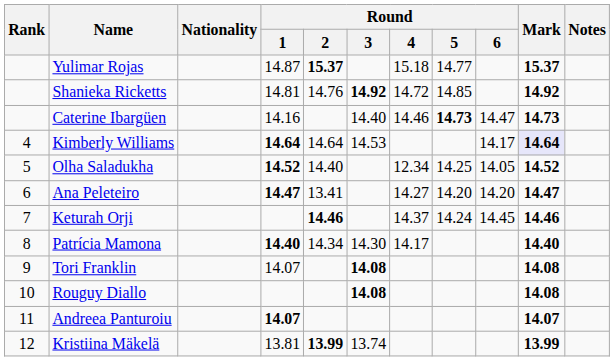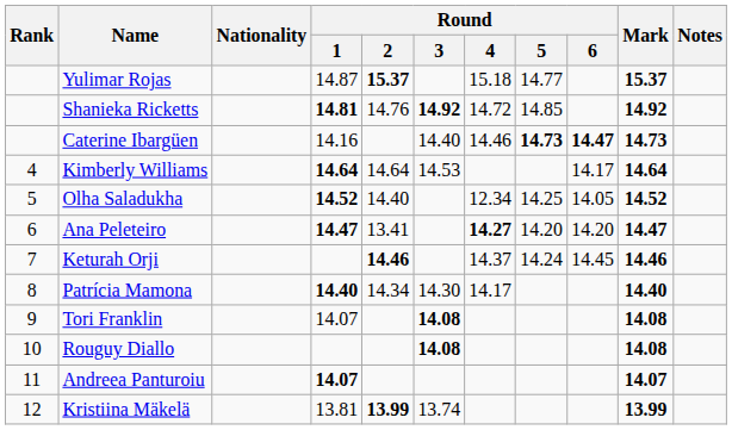 <table class="wikitable sortable" style="text-align:center">
 <tr>
 <th rowspan=2>Rank</th>
 <th rowspan=2>Name</th>
 <th rowspan=2>Nationality</th>
 <th colspan=6>Round</th>
 <th rowspan=2>Mark</th>
 <th rowspan=2>Notes</th>
 </tr>
 <tr>
 <th>1</th>
 <th>2</th>
 <th>3</th>
 <th>4</th>
 <th>5</th>
 <th>6</th>
 </tr>
 <tr>
 <td></td>
 <td align=left><a href='#'>Yulimar Rojas</a></td>
 <td align=left></td>
 <td>14.87</td>
 <td><strong>15.37</strong></td>
 <td></td>
 <td>15.18</td>
 <td>14.77</td>
 <td></td>
 <td><strong>15.37</strong></td>
 <td></td>
 </tr>
 <tr>
 <td></td>
 <td align=left><a href='#'>Shanieka Ricketts</a></td>
 <td align=left></td>
-<td>14.81</td>
+<td><strong>14.81</strong></td>
 <td>14.76</td>
 <td><strong>14.92</strong></td>
 <td>14.72</td>
 <td>14.85</td>
 <td></td>
 <td><strong>14.92</strong></td>
 <td></td>
 </tr>
 <tr>
 <td></td>
 <td align=left><a href='#'>Caterine Ibargüen</a></td>
 <td align=left></td>
 <td>14.16</td>
 <td></td>
 <td>14.40</td>
 <td>14.46</td>
 <td><strong>14.73</strong></td>
-<td>14.47</td>
+<td><strong>14.47</strong></td>
 <td><strong>14.73</strong></td>
 <td></td>
 </tr>
 <tr>
 <td>4</td>
 <td align=left><a href='#'>Kimberly Williams</a></td>
 <td align=left></td>
 <td><strong>14.64</strong></td>
 <td>14.64</td>
 <td>14.53</td>
 <td></td>
 <td></td>
 <td>14.17</td>
-<td style="background: lavender;"><strong>14.64</strong></td>
+<td><strong>14.64</strong></td>
 <td></td>
 </tr>
 <tr>
 <td>5</td>
 <td align=left><a href='#'>Olha Saladukha</a></td>
 <td align=left></td>
 <td><strong>14.52</strong></td>
 <td>14.40</td>
 <td></td>
 <td>12.34</td>
 <td>14.25</td>
 <td>14.05</td>
 <td><strong>14.52</strong></td>
 <td></td>
 </tr>
 <tr>
 <td>6</td>
 <td align=left><a href='#'>Ana Peleteiro</a></td>
 <td align=left></td>
 <td><strong>14.47</strong></td>
 <td>13.41</td>
 <td></td>
-<td>14.27</td>
+<td><strong>14.27</strong></td>
 <td>14.20</td>
 <td>14.20</td>
 <td><strong>14.47</strong></td>
 <td></td>
 </tr>
 <tr>
 <td>7</td>
 <td align=left><a href='#'>Keturah Orji</a></td>
 <td align=left></td>
 <td></td>
 <td><strong>14.46</strong></td>
 <td></td>
 <td>14.37</td>
 <td>14.24</td>
 <td>14.45</td>
 <td><strong>14.46</strong></td>
 <td></td>
 </tr>
 <tr>
 <td>8</td>
 <td align=left><a href='#'>Patrícia Mamona</a></td>
 <td align=left></td>
 <td><strong>14.40</strong></td>
 <td>14.34</td>
 <td>14.30</td>
 <td>14.17</td>
 <td></td>
 <td></td>
 <td><strong>14.40</strong></td>
 <td></td>
 </tr>
 <tr>
 <td>9</td>
 <td align=left><a href='#'>Tori Franklin</a></td>
 <td align=left></td>
 <td>14.07</td>
 <td></td>
 <td><strong>14.08</strong></td>
 <td></td>
 <td></td>
 <td></td>
 <td><strong>14.08</strong></td>
 <td></td>
 </tr>
 <tr>
 <td>10</td>
 <td align=left><a href='#'>Rouguy Diallo</a></td>
 <td align=left></td>
 <td></td>
 <td></td>
 <td><strong>14.08</strong></td>
 <td></td>
 <td></td>
 <td></td>
 <td><strong>14.08</strong></td>
 <td></td>
 </tr>
 <tr>
 <td>11</td>
 <td align=left><a href='#'>Andreea Panturoiu</a></td>
 <td align=left></td>
 <td><strong>14.07</strong></td>
 <td></td>
 <td></td>
 <td></td>
 <td></td>
 <td></td>
 <td><strong>14.07</strong></td>
 <td></td>
 </tr>
 <tr>
 <td>12</td>
 <td align=left><a href='#'>Kristiina Mäkelä</a></td>
 <td align=left></td>
 <td>13.81</td>
 <td><strong>13.99</strong></td>
 <td>13.74</td>
 <td></td>
 <td></td>
 <td></td>
 <td><strong>13.99</strong></td>
 <td></td>
 </tr>
 </table>
